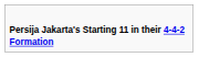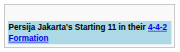 <table class="infobox" width="280px">
 <tr>
 <td><div><br>                       </div></td>
 </tr>
 <tr>
-<td><small><strong>Persija Jakarta's Starting 11 in their <a href='#'>4-4-2 Formation</a></strong></small></td>
+<td style="background: lightblue;"><small><strong>Persija Jakarta's Starting 11 in their <a href='#'>4-4-2 Formation</a></strong></small></td>
 </tr>
 </table>
